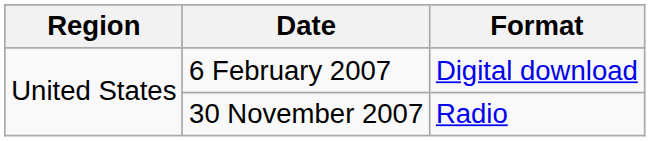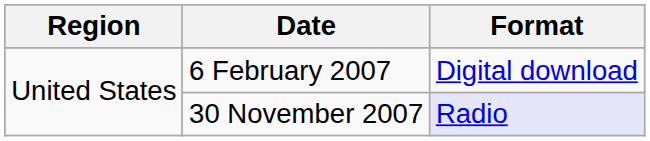 <table class="wikitable">
 <tr>
 <th>Region</th>
 <th>Date</th>
 <th>Format</th>
 </tr>
 <tr>
 <td rowspan=2>United States</td>
 <td>6 February 2007</td>
 <td><a href='#'>Digital download</a></td>
 </tr>
 <tr>
 <td>30 November 2007</td>
-<td><a href='#'>Radio</a></td>
+<td style="background: lavender;"><a href='#'>Radio</a></td>
 </tr>
 </table>
